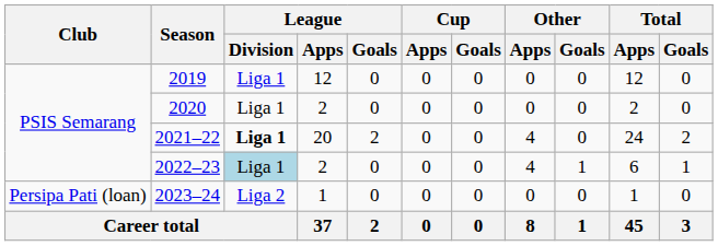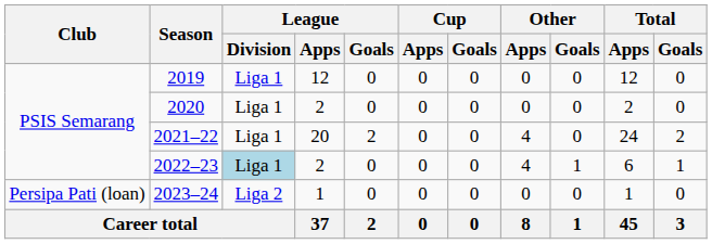 <table class="wikitable" style="text-align: center">
 <tr>
 <th rowspan="2">Club</th>
 <th rowspan="2">Season</th>
 <th colspan="3">League</th>
 <th colspan="2">Cup</th>
 <th colspan="2">Other</th>
 <th colspan="2">Total</th>
 </tr>
 <tr>
 <th>Division</th>
 <th>Apps</th>
 <th>Goals</th>
 <th>Apps</th>
 <th>Goals</th>
 <th>Apps</th>
 <th>Goals</th>
 <th>Apps</th>
 <th>Goals</th>
 </tr>
 <tr>
 <td rowspan="4"><a href='#'>PSIS Semarang</a></td>
 <td><a href='#'>2019</a></td>
 <td rowspan="1" valign="center"><a href='#'>Liga 1</a></td>
 <td>12</td>
 <td>0</td>
 <td>0</td>
 <td>0</td>
 <td>0</td>
 <td>0</td>
 <td>12</td>
 <td>0</td>
 </tr>
 <tr>
 <td><a href='#'>2020</a></td>
 <td rowspan="1">Liga 1</td>
 <td>2</td>
 <td>0</td>
 <td>0</td>
 <td>0</td>
 <td>0</td>
 <td>0</td>
 <td>2</td>
 <td>0</td>
 </tr>
 <tr>
 <td><a href='#'>2021–22</a></td>
-<td rowspan="1"><strong>Liga 1</strong></td>
+<td rowspan="1">Liga 1</td>
 <td>20</td>
 <td>2</td>
 <td>0</td>
 <td>0</td>
 <td>4</td>
 <td>0</td>
 <td>24</td>
 <td>2</td>
 </tr>
 <tr>
 <td><a href='#'>2022–23</a></td>
 <td style="background: lightblue;">Liga 1</td>
 <td>2</td>
 <td>0</td>
 <td>0</td>
 <td>0</td>
 <td>4</td>
 <td>1</td>
 <td>6</td>
 <td>1</td>
 </tr>
 <tr>
 <td><a href='#'>Persipa Pati</a> (loan)</td>
 <td><a href='#'>2023–24</a></td>
 <td><a href='#'>Liga 2</a></td>
 <td>1</td>
 <td>0</td>
 <td>0</td>
 <td>0</td>
 <td>0</td>
 <td>0</td>
 <td>1</td>
 <td>0</td>
 </tr>
 <tr>
 <th colspan=3>Career total</th>
 <th>37</th>
 <th>2</th>
 <th>0</th>
 <th>0</th>
 <th>8</th>
 <th>1</th>
 <th>45</th>
 <th>3</th>
 </tr>
 </table>
